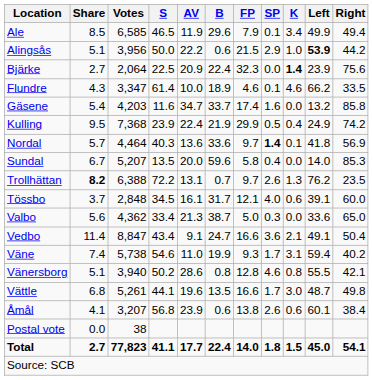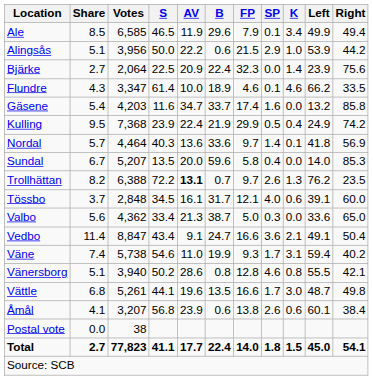 <table class="wikitable sortable" style=text-align:right>
 <tr>
 <th>Location</th>
 <th>Share</th>
 <th>Votes</th>
 <th><a href='#'>S</a></th>
 <th><a href='#'>AV</a></th>
 <th><a href='#'>B</a></th>
 <th><a href='#'>FP</a></th>
 <th><a href='#'>SP</a></th>
 <th><a href='#'>K</a></th>
 <th>Left</th>
 <th>Right</th>
 </tr>
 <tr>
 <td align=left><a href='#'>Ale</a></td>
 <td>8.5</td>
 <td>6,585</td>
 <td>46.5</td>
 <td>11.9</td>
 <td>29.6</td>
 <td>7.9</td>
 <td>0.1</td>
 <td>3.4</td>
 <td>49.9</td>
 <td>49.4</td>
 </tr>
 <tr>
 <td align=left><a href='#'>Alingsås</a></td>
 <td>5.1</td>
 <td>3,956</td>
 <td>50.0</td>
 <td>22.2</td>
 <td>0.6</td>
 <td>21.5</td>
 <td>2.9</td>
 <td>1.0</td>
-<td><strong>53.9</strong></td>
+<td>53.9</td>
 <td>44.2</td>
 </tr>
 <tr>
 <td align=left><a href='#'>Bjärke</a></td>
 <td>2.7</td>
 <td>2,064</td>
 <td>22.5</td>
 <td>20.9</td>
 <td>22.4</td>
 <td>32.3</td>
 <td>0.0</td>
-<td><strong>1.4</strong></td>
+<td>1.4</td>
 <td>23.9</td>
 <td>75.6</td>
 </tr>
 <tr>
 <td align=left><a href='#'>Flundre</a></td>
 <td>4.3</td>
 <td>3,347</td>
 <td>61.4</td>
 <td>10.0</td>
 <td>18.9</td>
 <td>4.6</td>
 <td>0.1</td>
 <td>4.6</td>
 <td>66.2</td>
 <td>33.5</td>
 </tr>
 <tr>
 <td align=left><a href='#'>Gäsene</a></td>
 <td>5.4</td>
 <td>4,203</td>
 <td>11.6</td>
 <td>34.7</td>
 <td>33.7</td>
 <td>17.4</td>
 <td>1.6</td>
 <td>0.0</td>
 <td>13.2</td>
 <td>85.8</td>
 </tr>
 <tr>
 <td align=left><a href='#'>Kulling</a></td>
 <td>9.5</td>
 <td>7,368</td>
 <td>23.9</td>
 <td>22.4</td>
 <td>21.9</td>
 <td>29.9</td>
 <td>0.5</td>
 <td>0.4</td>
 <td>24.9</td>
 <td>74.2</td>
 </tr>
 <tr>
 <td align=left><a href='#'>Nordal</a></td>
 <td>5.7</td>
 <td>4,464</td>
 <td>40.3</td>
 <td>13.6</td>
 <td>33.6</td>
 <td>9.7</td>
-<td><strong>1.4</strong></td>
+<td>1.4</td>
 <td>0.1</td>
 <td>41.8</td>
 <td>56.9</td>
 </tr>
 <tr>
 <td align=left><a href='#'>Sundal</a></td>
 <td>6.7</td>
 <td>5,207</td>
 <td>13.5</td>
 <td>20.0</td>
 <td>59.6</td>
 <td>5.8</td>
 <td>0.4</td>
 <td>0.0</td>
 <td>14.0</td>
 <td>85.3</td>
 </tr>
 <tr>
 <td align=left><a href='#'>Trollhättan</a></td>
-<td><strong>8.2</strong></td>
+<td>8.2</td>
 <td>6,388</td>
 <td>72.2</td>
-<td>13.1</td>
+<td><strong>13.1</strong></td>
 <td>0.7</td>
 <td>9.7</td>
 <td>2.6</td>
 <td>1.3</td>
 <td>76.2</td>
 <td>23.5</td>
 </tr>
 <tr>
 <td align=left><a href='#'>Tössbo</a></td>
 <td>3.7</td>
 <td>2,848</td>
 <td>34.5</td>
 <td>16.1</td>
 <td>31.7</td>
 <td>12.1</td>
 <td>4.0</td>
 <td>0.6</td>
 <td>39.1</td>
 <td>60.0</td>
 </tr>
 <tr>
 <td align=left><a href='#'>Valbo</a></td>
 <td>5.6</td>
 <td>4,362</td>
 <td>33.4</td>
 <td>21.3</td>
 <td>38.7</td>
 <td>5.0</td>
 <td>0.3</td>
 <td>0.0</td>
 <td>33.6</td>
 <td>65.0</td>
 </tr>
 <tr>
 <td align=left><a href='#'>Vedbo</a></td>
 <td>11.4</td>
 <td>8,847</td>
 <td>43.4</td>
 <td>9.1</td>
 <td>24.7</td>
 <td>16.6</td>
 <td>3.6</td>
 <td>2.1</td>
 <td>49.1</td>
 <td>50.4</td>
 </tr>
 <tr>
 <td align=left><a href='#'>Väne</a></td>
 <td>7.4</td>
 <td>5,738</td>
 <td>54.6</td>
 <td>11.0</td>
 <td>19.9</td>
 <td>9.3</td>
 <td>1.7</td>
 <td>3.1</td>
 <td>59.4</td>
 <td>40.2</td>
 </tr>
 <tr>
 <td align=left><a href='#'>Vänersborg</a></td>
 <td>5.1</td>
 <td>3,940</td>
 <td>50.2</td>
 <td>28.6</td>
 <td>0.8</td>
 <td>12.8</td>
 <td>4.6</td>
 <td>0.8</td>
 <td>55.5</td>
 <td>42.1</td>
 </tr>
 <tr>
 <td align=left><a href='#'>Vättle</a></td>
 <td>6.8</td>
 <td>5,261</td>
 <td>44.1</td>
 <td>19.6</td>
 <td>13.5</td>
 <td>16.6</td>
 <td>1.7</td>
 <td>3.0</td>
 <td>48.7</td>
 <td>49.8</td>
 </tr>
 <tr>
 <td align=left><a href='#'>Åmål</a></td>
 <td>4.1</td>
 <td>3,207</td>
 <td>56.8</td>
 <td>23.9</td>
 <td>0.6</td>
 <td>13.8</td>
 <td>2.6</td>
 <td>0.6</td>
 <td>60.1</td>
 <td>38.4</td>
 </tr>
 <tr>
 <td align=left><a href='#'>Postal vote</a></td>
 <td>0.0</td>
 <td>38</td>
 <td></td>
 <td></td>
 <td></td>
 <td></td>
 <td></td>
 <td></td>
 <td></td>
 <td></td>
 </tr>
 <tr>
 <td align=left><strong>Total</strong></td>
 <td><strong>2.7</strong></td>
 <td><strong>77,823</strong></td>
 <td><strong>41.1</strong></td>
 <td><strong>17.7</strong></td>
 <td><strong>22.4</strong></td>
 <td><strong>14.0</strong></td>
 <td><strong>1.8</strong></td>
 <td><strong>1.5</strong></td>
 <td><strong>45.0</strong></td>
 <td><strong>54.1</strong></td>
 </tr>
 <tr>
 <td align=left colspan=12>Source: SCB </td>
 </tr>
 </table>
